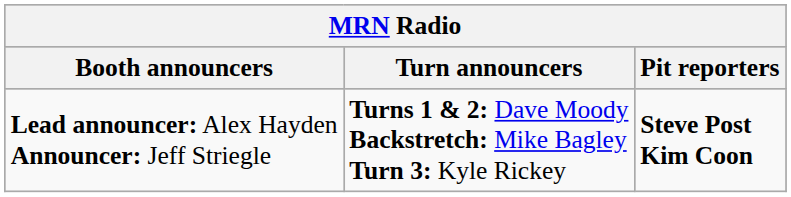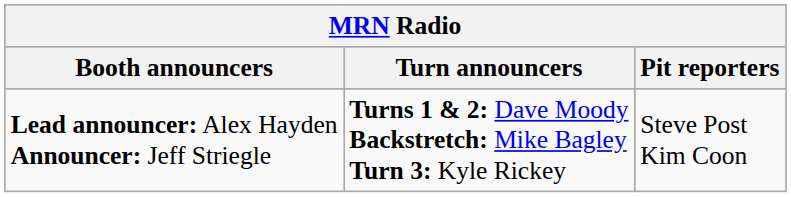 <table class="wikitable" style="font-size: 95%">
 <tr>
 <th colspan="3"><a href='#'>MRN</a> Radio</th>
 </tr>
 <tr>
 <th>Booth announcers</th>
 <th>Turn announcers</th>
 <th>Pit reporters</th>
 </tr>
 <tr>
 <td><strong>Lead announcer:</strong> Alex Hayden<br><strong>Announcer:</strong> Jeff Striegle</td>
 <td><strong>Turns 1 & 2:</strong> <a href='#'>Dave Moody</a><br><strong>Backstretch:</strong> <a href='#'>Mike Bagley</a><br><strong>Turn 3:</strong> Kyle Rickey</td>
-<td><strong>Steve Post<br>Kim Coon</strong></td>
+<td>Steve Post<br>Kim Coon</td>
 </tr>
 </table>
